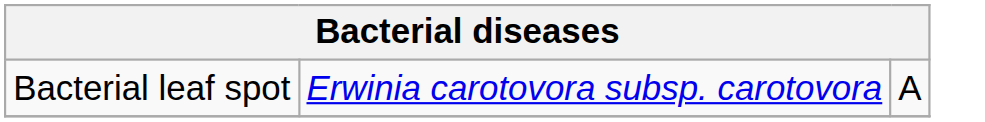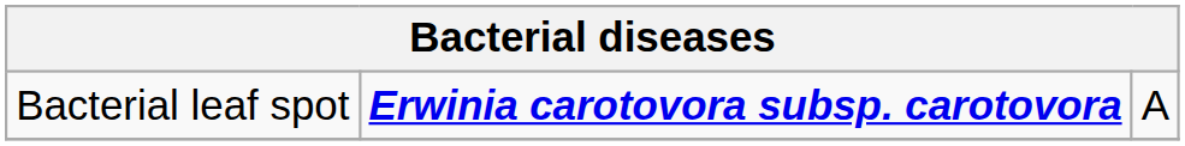 <table class="wikitable" style="clear">
 <tr>
 <th colspan=3><strong>Bacterial diseases</strong><br></th>
 </tr>
 <tr>
 <td>Bacterial leaf spot</td>
-<td><em><a href='#'>Erwinia carotovora subsp. carotovora</a></em></td>
+<td><strong><em><a href='#'>Erwinia carotovora subsp. carotovora</a></em></strong></td>
 <td>A</td>
 </tr>
 <tr>
 </tr>
 </table>
